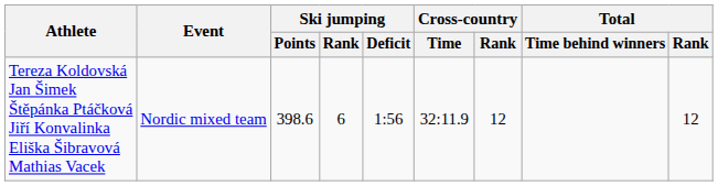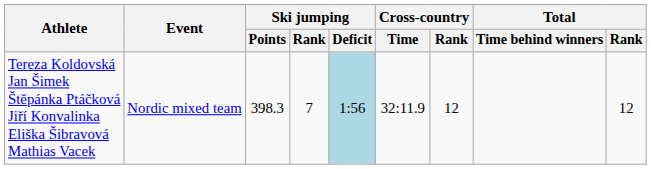 <table class="wikitable" style="font-size:90%">
 <tr>
 <th rowspan="2">Athlete</th>
 <th rowspan="2">Event</th>
 <th colspan="3">Ski jumping</th>
 <th colspan="2">Cross-country</th>
 <th colspan="2">Total</th>
 </tr>
 <tr style="font-size:95%">
 <th>Points</th>
 <th>Rank</th>
 <th>Deficit</th>
 <th>Time</th>
 <th>Rank</th>
 <th>Time behind winners</th>
 <th>Rank</th>
 </tr>
 <tr align=center>
 <td align=left><a href='#'>Tereza Koldovská</a><br><a href='#'>Jan Šimek</a><br><a href='#'>Štěpánka Ptáčková</a><br><a href='#'>Jiří Konvalinka</a><br><a href='#'>Eliška Šibravová</a><br><a href='#'>Mathias Vacek</a></td>
 <td align=left><a href='#'>Nordic mixed team</a></td>
-<td>398.6</td>
-<td>6</td>
-<td>1:56</td>
+<td>398.3</td>
+<td>7</td>
+<td style="background: lightblue;">1:56</td>
 <td>32:11.9</td>
 <td>12</td>
 <td></td>
 <td>12</td>
 </tr>
 </table>
